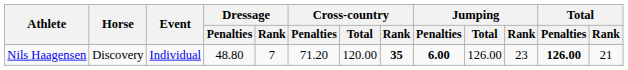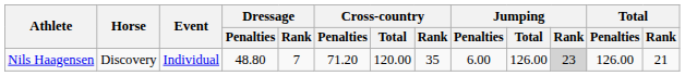 <table class=wikitable style="font-size:90%">
 <tr>
 <th rowspan="2">Athlete</th>
 <th rowspan="2">Horse</th>
 <th rowspan="2">Event</th>
 <th colspan="2">Dressage</th>
 <th colspan="3">Cross-country</th>
 <th colspan="3">Jumping</th>
 <th colspan="2">Total</th>
 </tr>
 <tr style="font-size:95%">
 <th>Penalties</th>
 <th>Rank</th>
 <th>Penalties</th>
 <th>Total</th>
 <th>Rank</th>
 <th>Penalties</th>
 <th>Total</th>
 <th>Rank</th>
 <th>Penalties</th>
 <th>Rank</th>
 </tr>
 <tr align=center>
 <td align=left><a href='#'>Nils Haagensen</a></td>
 <td align=left>Discovery</td>
 <td align=left><a href='#'>Individual</a></td>
 <td>48.80</td>
 <td>7</td>
 <td>71.20</td>
 <td>120.00</td>
-<td><strong>35</strong></td>
-<td><strong>6.00</strong></td>
+<td>35</td>
+<td>6.00</td>
 <td>126.00</td>
-<td>23</td>
-<td><strong>126.00</strong></td>
+<td style="background: lightgrey;">23</td>
+<td>126.00</td>
 <td>21</td>
 </tr>
 </table>
